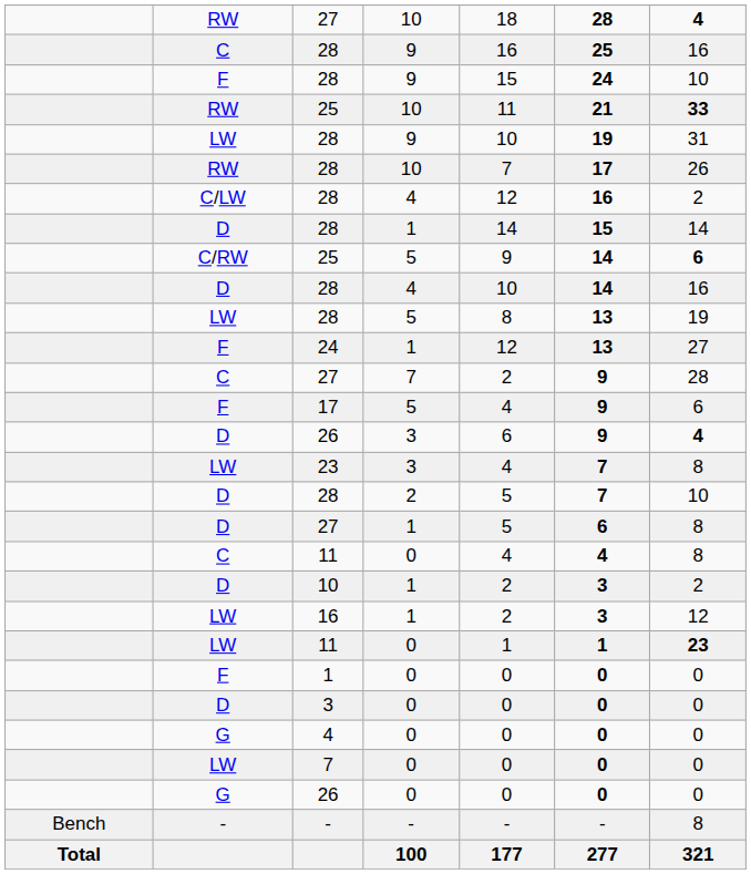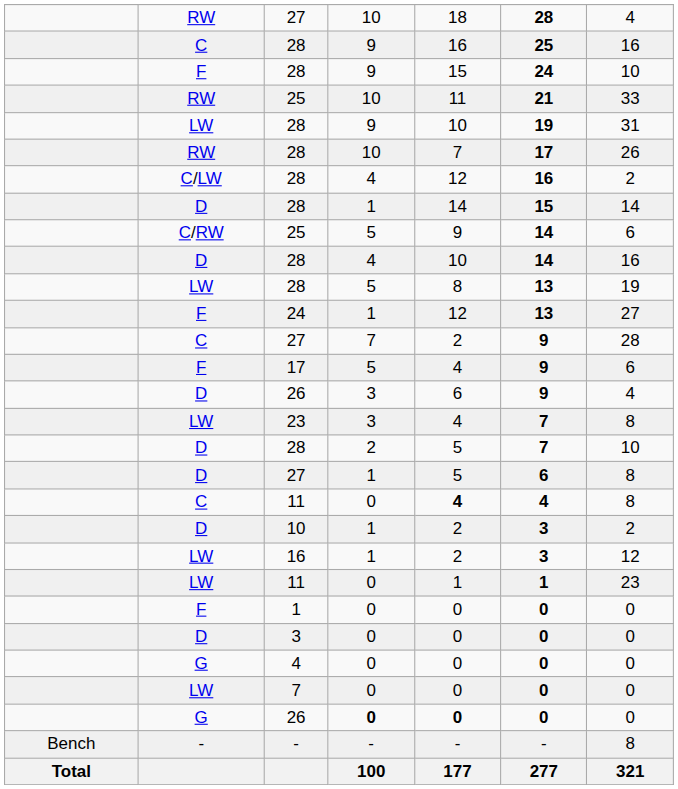 <table class="wikitable sortable" width ="50%">
 <tr align="center">
 </tr>
 <tr align="center" bgcolor="">
 <td></td>
 <td><a href='#'>RW</a></td>
 <td>27</td>
 <td>10</td>
 <td>18</td>
 <td><strong>28</strong></td>
-<td><strong>4</strong></td>
+<td>4</td>
 </tr>
 <tr align="center" bgcolor="f0f0f0">
 <td></td>
 <td><a href='#'>C</a></td>
 <td>28</td>
 <td>9</td>
 <td>16</td>
 <td><strong>25</strong></td>
 <td>16</td>
 </tr>
 <tr align="center" bgcolor="">
 <td></td>
 <td><a href='#'>F</a></td>
 <td>28</td>
 <td>9</td>
 <td>15</td>
 <td><strong>24</strong></td>
 <td>10</td>
 </tr>
 <tr align="center" bgcolor="f0f0f0">
 <td></td>
 <td><a href='#'>RW</a></td>
 <td>25</td>
 <td>10</td>
 <td>11</td>
 <td><strong>21</strong></td>
-<td><strong>33</strong></td>
+<td>33</td>
 </tr>
 <tr align="center" bgcolor="">
 <td></td>
 <td><a href='#'>LW</a></td>
 <td>28</td>
 <td>9</td>
 <td>10</td>
 <td><strong>19</strong></td>
 <td>31</td>
 </tr>
 <tr align="center" bgcolor="f0f0f0">
 <td></td>
 <td><a href='#'>RW</a></td>
 <td>28</td>
 <td>10</td>
 <td>7</td>
 <td><strong>17</strong></td>
 <td>26</td>
 </tr>
 <tr align="center" bgcolor="">
 <td></td>
 <td><a href='#'>C</a>/<a href='#'>LW</a></td>
 <td>28</td>
 <td>4</td>
 <td>12</td>
 <td><strong>16</strong></td>
 <td>2</td>
 </tr>
 <tr align="center" bgcolor="f0f0f0">
 <td></td>
 <td><a href='#'>D</a></td>
 <td>28</td>
 <td>1</td>
 <td>14</td>
 <td><strong>15</strong></td>
 <td>14</td>
 </tr>
 <tr align="center" bgcolor="">
 <td></td>
 <td><a href='#'>C</a>/<a href='#'>RW</a></td>
 <td>25</td>
 <td>5</td>
 <td>9</td>
 <td><strong>14</strong></td>
-<td><strong>6</strong></td>
+<td>6</td>
 </tr>
 <tr align="center" bgcolor="f0f0f0">
 <td></td>
 <td><a href='#'>D</a></td>
 <td>28</td>
 <td>4</td>
 <td>10</td>
 <td><strong>14</strong></td>
 <td>16</td>
 </tr>
 <tr align="center" bgcolor="">
 <td></td>
 <td><a href='#'>LW</a></td>
 <td>28</td>
 <td>5</td>
 <td>8</td>
 <td><strong>13</strong></td>
 <td>19</td>
 </tr>
 <tr align="center" bgcolor="f0f0f0">
 <td></td>
 <td><a href='#'>F</a></td>
 <td>24</td>
 <td>1</td>
 <td>12</td>
 <td><strong>13</strong></td>
 <td>27</td>
 </tr>
 <tr align="center" bgcolor="">
 <td></td>
 <td><a href='#'>C</a></td>
 <td>27</td>
 <td>7</td>
 <td>2</td>
 <td><strong>9</strong></td>
 <td>28</td>
 </tr>
 <tr align="center" bgcolor="f0f0f0">
 <td></td>
 <td><a href='#'>F</a></td>
 <td>17</td>
 <td>5</td>
 <td>4</td>
 <td><strong>9</strong></td>
 <td>6</td>
 </tr>
 <tr align="center" bgcolor="">
 <td></td>
 <td><a href='#'>D</a></td>
 <td>26</td>
 <td>3</td>
 <td>6</td>
 <td><strong>9</strong></td>
-<td><strong>4</strong></td>
+<td>4</td>
 </tr>
 <tr align="center" bgcolor="f0f0f0">
 <td></td>
 <td><a href='#'>LW</a></td>
 <td>23</td>
 <td>3</td>
 <td>4</td>
 <td><strong>7</strong></td>
 <td>8</td>
 </tr>
 <tr align="center" bgcolor="">
 <td></td>
 <td><a href='#'>D</a></td>
 <td>28</td>
 <td>2</td>
 <td>5</td>
 <td><strong>7</strong></td>
 <td>10</td>
 </tr>
 <tr align="center" bgcolor="f0f0f0">
 <td></td>
 <td><a href='#'>D</a></td>
 <td>27</td>
 <td>1</td>
 <td>5</td>
 <td><strong>6</strong></td>
 <td>8</td>
 </tr>
 <tr align="center" bgcolor="">
 <td></td>
 <td><a href='#'>C</a></td>
 <td>11</td>
 <td>0</td>
-<td>4</td>
+<td><strong>4</strong></td>
 <td><strong>4</strong></td>
 <td>8</td>
 </tr>
 <tr align="center" bgcolor="f0f0f0">
 <td></td>
 <td><a href='#'>D</a></td>
 <td>10</td>
 <td>1</td>
 <td>2</td>
 <td><strong>3</strong></td>
 <td>2</td>
 </tr>
 <tr align="center" bgcolor="">
 <td></td>
 <td><a href='#'>LW</a></td>
 <td>16</td>
 <td>1</td>
 <td>2</td>
 <td><strong>3</strong></td>
 <td>12</td>
 </tr>
 <tr align="center" bgcolor="f0f0f0">
 <td></td>
 <td><a href='#'>LW</a></td>
 <td>11</td>
 <td>0</td>
 <td>1</td>
 <td><strong>1</strong></td>
-<td><strong>23</strong></td>
+<td>23</td>
 </tr>
 <tr align="center" bgcolor="">
 <td></td>
 <td><a href='#'>F</a></td>
 <td>1</td>
 <td>0</td>
 <td>0</td>
 <td><strong>0</strong></td>
 <td>0</td>
 </tr>
 <tr align="center" bgcolor="f0f0f0">
 <td></td>
 <td><a href='#'>D</a></td>
 <td>3</td>
 <td>0</td>
 <td>0</td>
 <td><strong>0</strong></td>
 <td>0</td>
 </tr>
 <tr align="center" bgcolor="">
 <td></td>
 <td><a href='#'>G</a></td>
 <td>4</td>
 <td>0</td>
 <td>0</td>
 <td><strong>0</strong></td>
 <td>0</td>
 </tr>
 <tr align="center" bgcolor="f0f0f0">
 <td></td>
 <td><a href='#'>LW</a></td>
 <td>7</td>
 <td>0</td>
 <td>0</td>
 <td><strong>0</strong></td>
 <td>0</td>
 </tr>
 <tr align="center" bgcolor="">
 <td></td>
 <td><a href='#'>G</a></td>
 <td>26</td>
-<td>0</td>
-<td>0</td>
+<td><strong>0</strong></td>
+<td><strong>0</strong></td>
 <td><strong>0</strong></td>
 <td>0</td>
 </tr>
 <tr align="center" bgcolor="f0f0f0">
 <td>Bench</td>
 <td>-</td>
 <td>-</td>
 <td>-</td>
 <td>-</td>
 <td>-</td>
 <td>8</td>
 </tr>
 <tr>
 <th>Total</th>
 <th></th>
 <th></th>
 <th>100</th>
 <th>177</th>
 <th>277</th>
 <th>321</th>
 </tr>
 </table>
